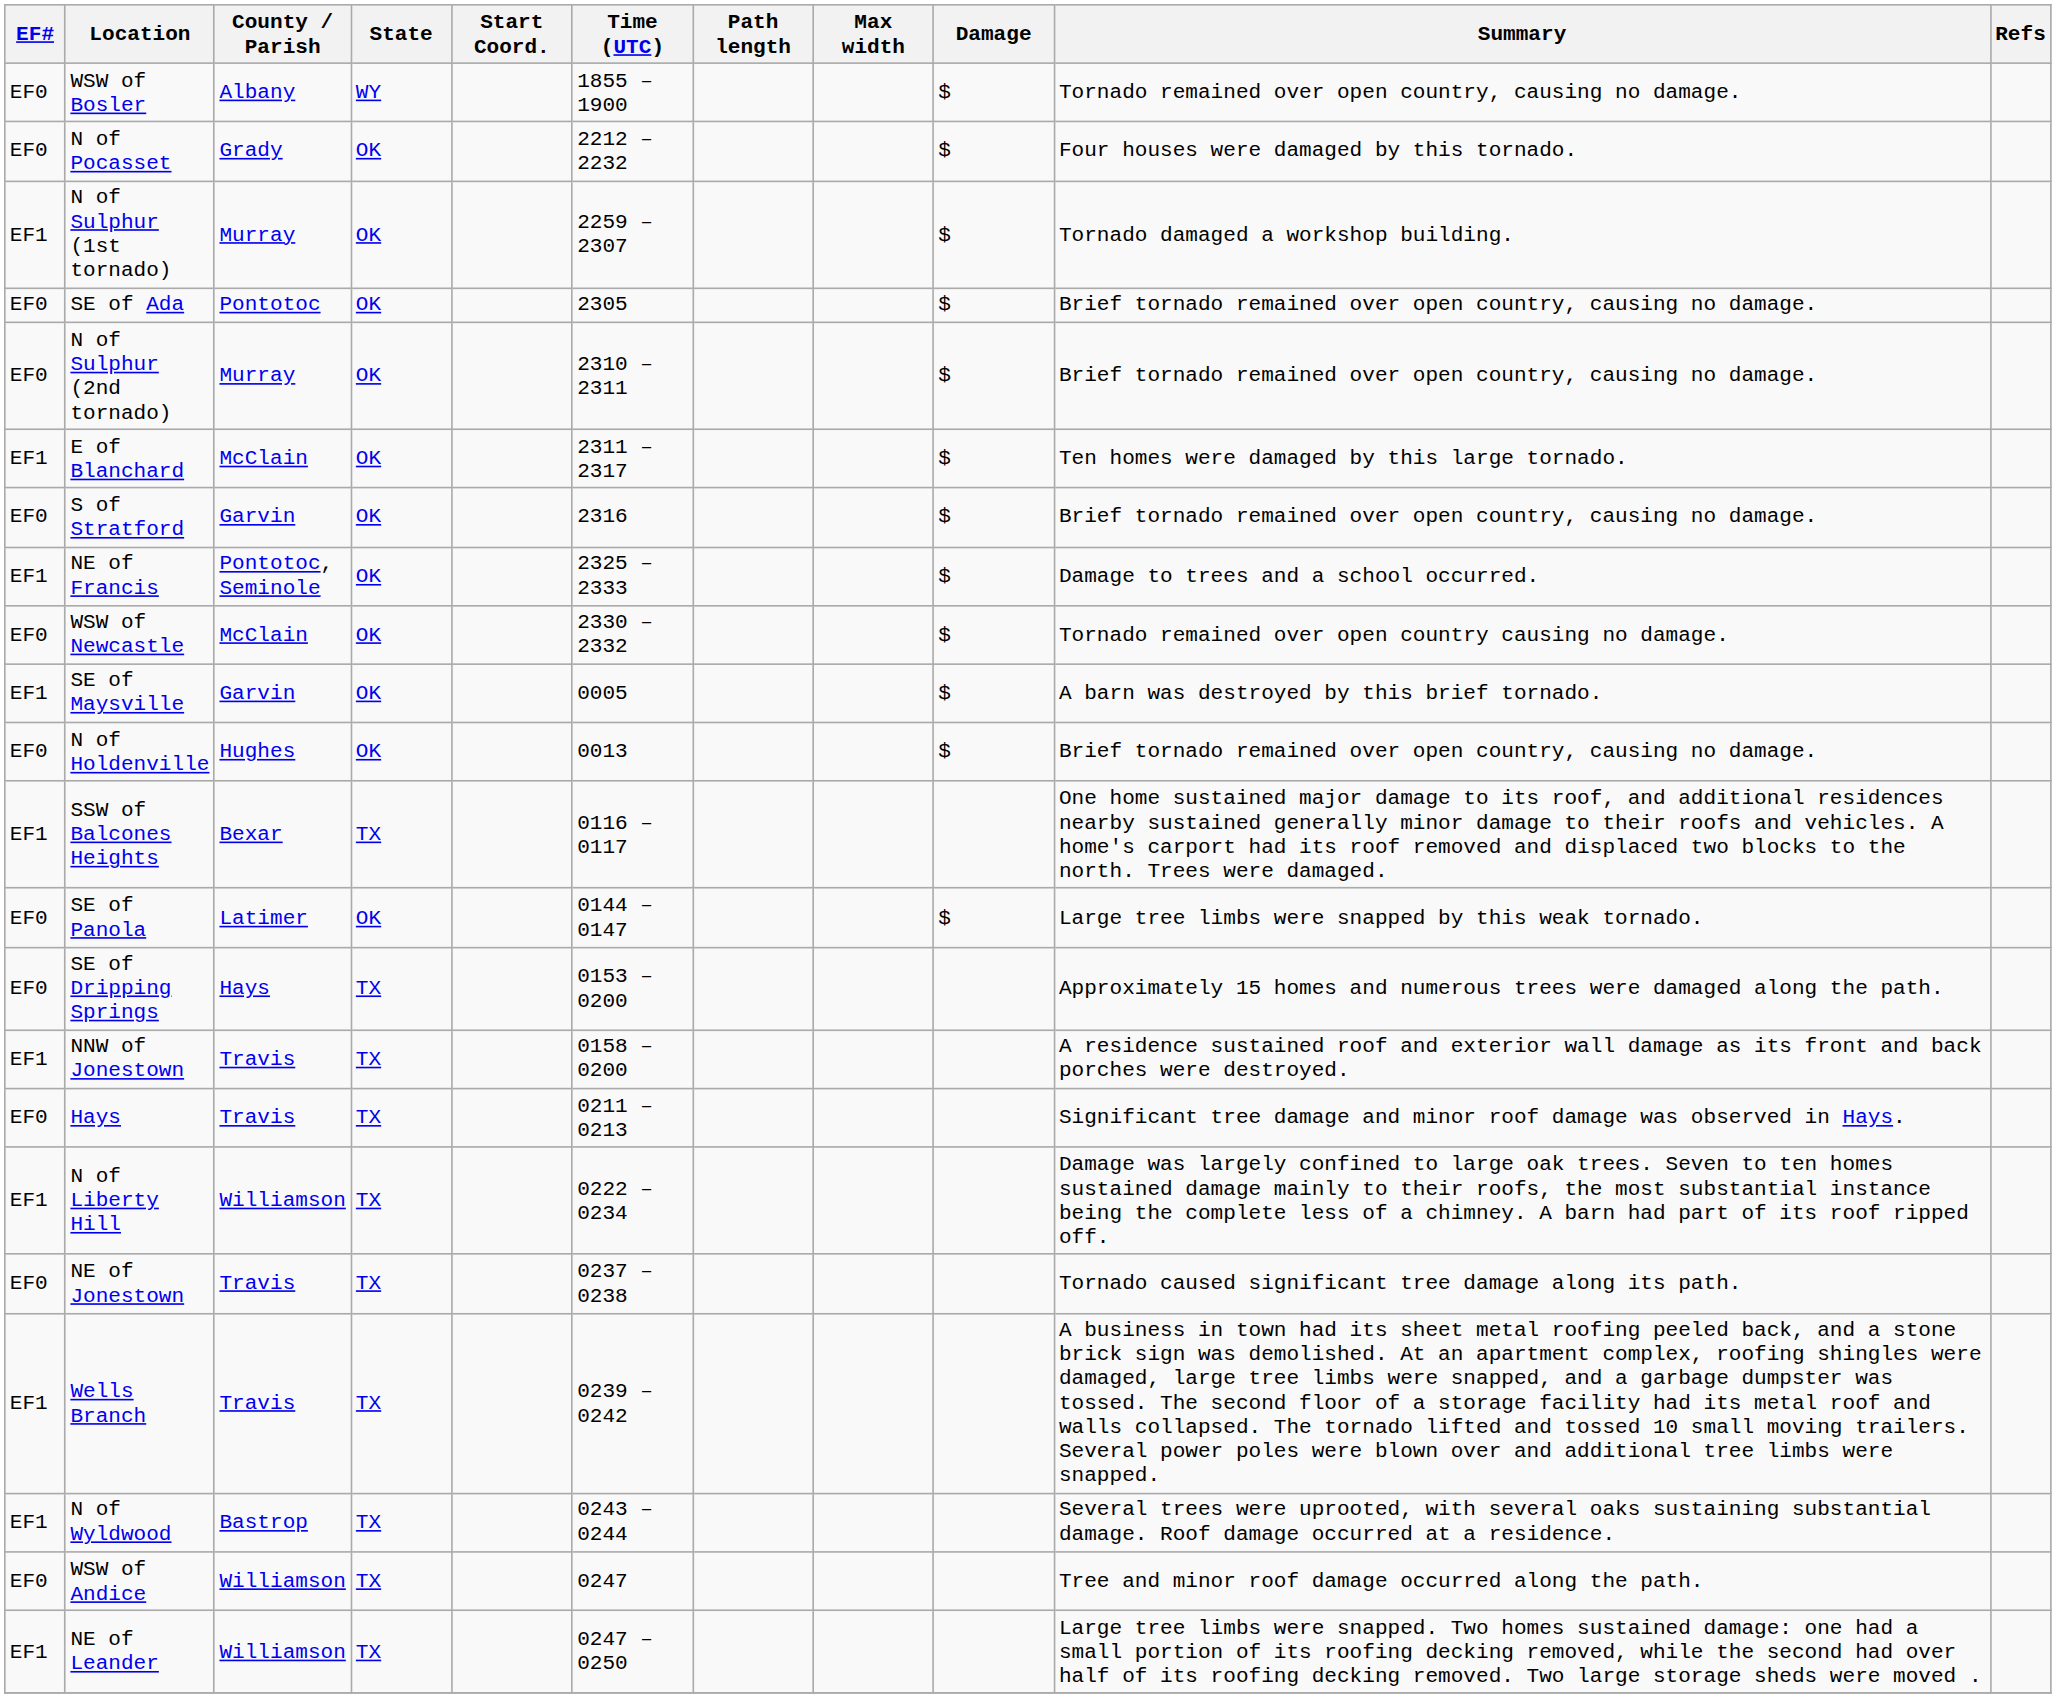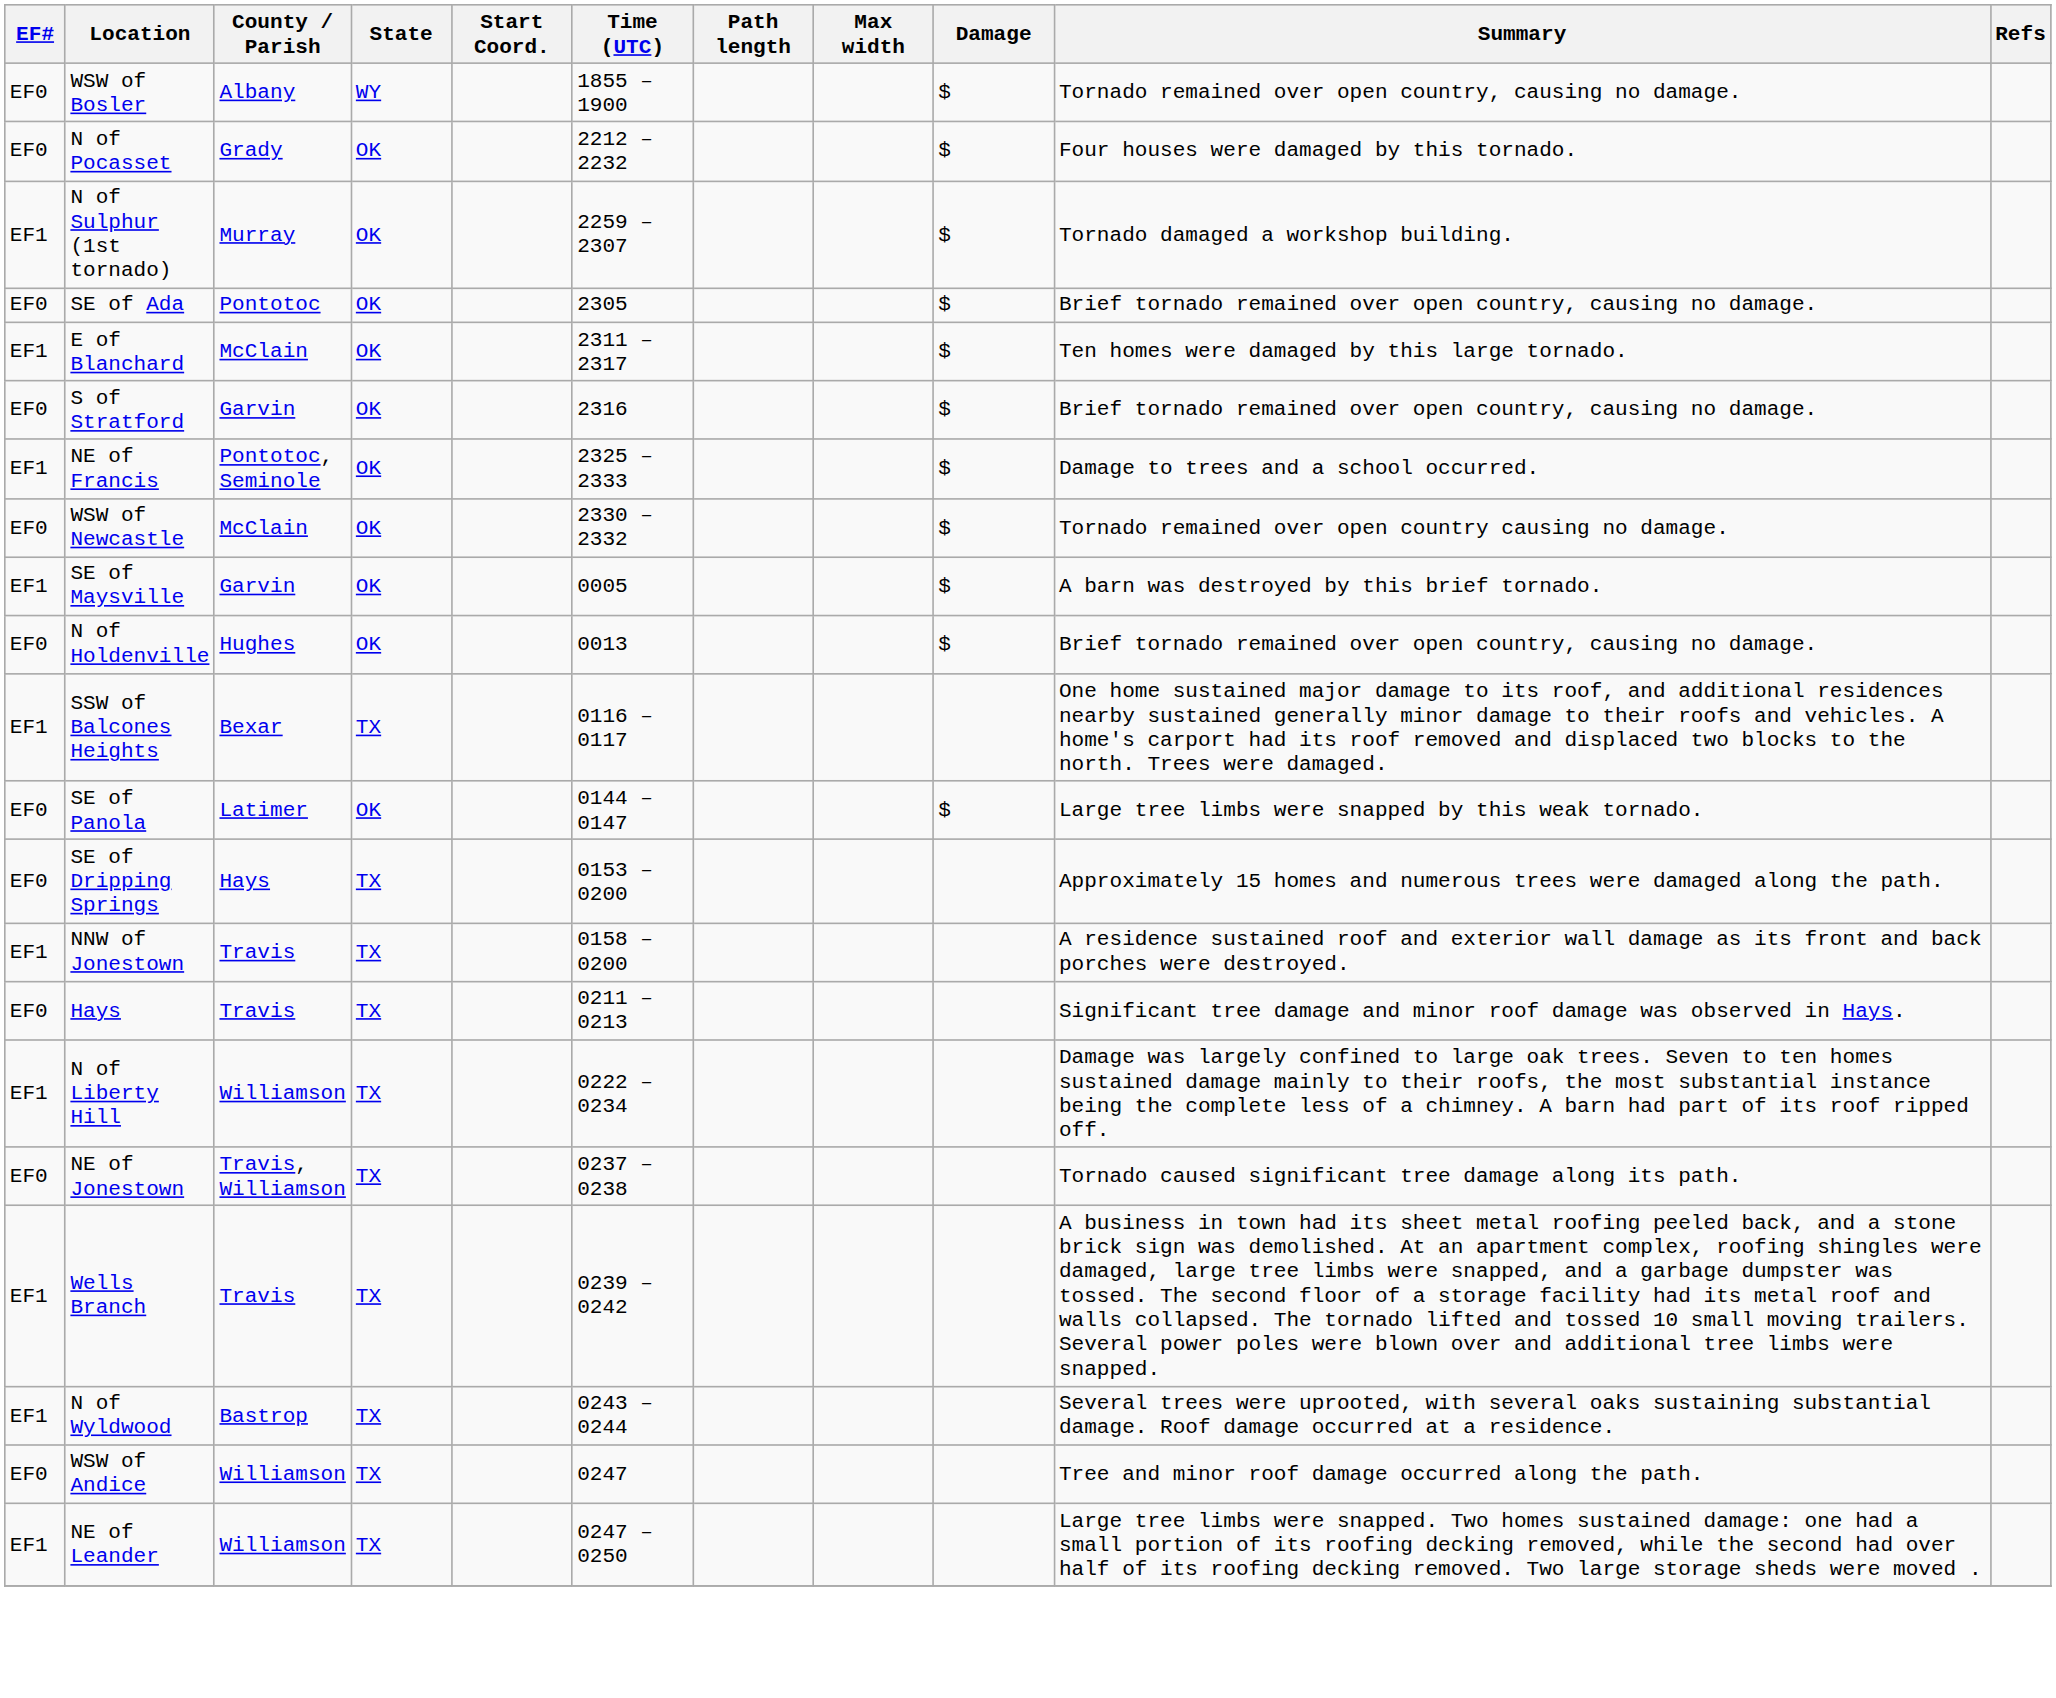 <table class="wikitable sortable" style="width:100%;">
 <tr>
 <th scope="col" width="3%" align="center"><a href='#'>EF#</a></th>
 <th scope="col" width="7%" align="center" class="unsortable">Location</th>
 <th scope="col" width="6%" align="center" class="unsortable">County / Parish</th>
 <th scope="col" width="5%" align="center">State</th>
 <th scope="col" width="6%" align="center">Start Coord.</th>
 <th scope="col" width="6%" align="center">Time (<a href='#'>UTC</a>)</th>
 <th scope="col" width="6%" align="center">Path length</th>
 <th scope="col" width="6%" align="center">Max width</th>
 <th scope="col" width="6%" align="center">Damage</th>
 <th scope="col" width="48%" class="unsortable" align="center">Summary</th>
 <th scope="col" width="48%" class="unsortable" align="center">Refs</th>
 </tr>
 <tr>
 <td>EF0</td>
 <td>WSW of <a href='#'>Bosler</a></td>
 <td><a href='#'>Albany</a></td>
 <td><a href='#'>WY</a></td>
 <td></td>
 <td>1855 – 1900</td>
 <td></td>
 <td></td>
 <td>$</td>
 <td>Tornado remained over open country, causing no damage.</td>
 <td></td>
 </tr>
 <tr>
 <td>EF0</td>
 <td>N of <a href='#'>Pocasset</a></td>
 <td><a href='#'>Grady</a></td>
 <td><a href='#'>OK</a></td>
 <td></td>
 <td>2212 – 2232</td>
 <td></td>
 <td></td>
 <td>$</td>
 <td>Four houses were damaged by this tornado.</td>
 <td></td>
 </tr>
 <tr>
 <td>EF1</td>
 <td>N of <a href='#'>Sulphur</a> (1st tornado)</td>
 <td><a href='#'>Murray</a></td>
 <td><a href='#'>OK</a></td>
 <td></td>
 <td>2259 – 2307</td>
 <td></td>
 <td></td>
 <td>$</td>
 <td>Tornado damaged a workshop building.</td>
 <td></td>
 </tr>
 <tr>
 <td>EF0</td>
 <td>SE of <a href='#'>Ada</a></td>
 <td><a href='#'>Pontotoc</a></td>
 <td><a href='#'>OK</a></td>
 <td></td>
 <td>2305</td>
-<td></td>
-<td></td>
-<td>$</td>
-<td>Brief tornado remained over open country, causing no damage.</td>
-<td></td>
-</tr>
-<tr>
-<td>EF0</td>
-<td>N of <a href='#'>Sulphur</a> (2nd tornado)</td>
-<td><a href='#'>Murray</a></td>
-<td><a href='#'>OK</a></td>
-<td></td>
-<td>2310 – 2311</td>
 <td></td>
 <td></td>
 <td>$</td>
 <td>Brief tornado remained over open country, causing no damage.</td>
 <td></td>
 </tr>
 <tr>
 <td>EF1</td>
 <td>E of <a href='#'>Blanchard</a></td>
 <td><a href='#'>McClain</a></td>
 <td><a href='#'>OK</a></td>
 <td></td>
 <td>2311 – 2317</td>
 <td></td>
 <td></td>
 <td>$</td>
 <td>Ten homes were damaged by this large tornado.</td>
 <td></td>
 </tr>
 <tr>
 <td>EF0</td>
 <td>S of <a href='#'>Stratford</a></td>
 <td><a href='#'>Garvin</a></td>
 <td><a href='#'>OK</a></td>
 <td></td>
 <td>2316</td>
 <td></td>
 <td></td>
 <td>$</td>
 <td>Brief tornado remained over open country, causing no damage.</td>
 <td></td>
 </tr>
 <tr>
 <td>EF1</td>
 <td>NE of <a href='#'>Francis</a></td>
 <td><a href='#'>Pontotoc</a>, <a href='#'>Seminole</a></td>
 <td><a href='#'>OK</a></td>
 <td></td>
 <td>2325 – 2333</td>
 <td></td>
 <td></td>
 <td>$</td>
 <td>Damage to trees and a school occurred.</td>
 <td></td>
 </tr>
 <tr>
 <td>EF0</td>
 <td>WSW of <a href='#'>Newcastle</a></td>
 <td><a href='#'>McClain</a></td>
 <td><a href='#'>OK</a></td>
 <td></td>
 <td>2330 – 2332</td>
 <td></td>
 <td></td>
 <td>$</td>
 <td>Tornado remained over open country causing no damage.</td>
 <td></td>
 </tr>
 <tr>
 <td>EF1</td>
 <td>SE of <a href='#'>Maysville</a></td>
 <td><a href='#'>Garvin</a></td>
 <td><a href='#'>OK</a></td>
 <td></td>
 <td>0005</td>
 <td></td>
 <td></td>
 <td>$</td>
 <td>A barn was destroyed by this brief tornado.</td>
 <td></td>
 </tr>
 <tr>
 <td>EF0</td>
 <td>N of <a href='#'>Holdenville</a></td>
 <td><a href='#'>Hughes</a></td>
 <td><a href='#'>OK</a></td>
 <td></td>
 <td>0013</td>
 <td></td>
 <td></td>
 <td>$</td>
 <td>Brief tornado remained over open country, causing no damage.</td>
 <td></td>
 </tr>
 <tr>
 <td>EF1</td>
 <td>SSW of <a href='#'>Balcones Heights</a></td>
 <td><a href='#'>Bexar</a></td>
 <td><a href='#'>TX</a></td>
 <td></td>
 <td>0116 – 0117</td>
 <td></td>
 <td></td>
 <td></td>
 <td>One home sustained major damage to its roof, and additional residences nearby sustained generally minor damage to their roofs and vehicles. A home's carport had its roof removed and displaced two blocks to the north. Trees were damaged.</td>
 <td></td>
 </tr>
 <tr>
 <td>EF0</td>
 <td>SE of <a href='#'>Panola</a></td>
 <td><a href='#'>Latimer</a></td>
 <td><a href='#'>OK</a></td>
 <td></td>
 <td>0144 – 0147</td>
 <td></td>
 <td></td>
 <td>$</td>
 <td>Large tree limbs were snapped by this weak tornado.</td>
 <td></td>
 </tr>
 <tr>
 <td>EF0</td>
 <td>SE of <a href='#'>Dripping Springs</a></td>
 <td><a href='#'>Hays</a></td>
 <td><a href='#'>TX</a></td>
 <td></td>
 <td>0153 – 0200</td>
 <td></td>
 <td></td>
 <td></td>
 <td>Approximately 15 homes and numerous trees were damaged along the path.</td>
 <td></td>
 </tr>
 <tr>
 <td>EF1</td>
 <td>NNW of <a href='#'>Jonestown</a></td>
 <td><a href='#'>Travis</a></td>
 <td><a href='#'>TX</a></td>
 <td></td>
 <td>0158 – 0200</td>
 <td></td>
 <td></td>
 <td></td>
 <td>A residence sustained roof and exterior wall damage as its front and back porches were destroyed.</td>
 <td></td>
 </tr>
 <tr>
 <td>EF0</td>
 <td><a href='#'>Hays</a></td>
 <td><a href='#'>Travis</a></td>
 <td><a href='#'>TX</a></td>
 <td></td>
 <td>0211 – 0213</td>
 <td></td>
 <td></td>
 <td></td>
 <td>Significant tree damage and minor roof damage was observed in <a href='#'>Hays</a>.</td>
 <td></td>
 </tr>
 <tr>
 <td>EF1</td>
 <td>N of <a href='#'>Liberty Hill</a></td>
 <td><a href='#'>Williamson</a></td>
 <td><a href='#'>TX</a></td>
 <td></td>
 <td>0222 – 0234</td>
 <td></td>
 <td></td>
 <td></td>
 <td>Damage was largely confined to large oak trees. Seven to ten homes sustained damage mainly to their roofs, the most substantial instance being the complete less of a chimney. A barn had part of its roof ripped off.</td>
 <td></td>
 </tr>
 <tr>
 <td>EF0</td>
 <td>NE of <a href='#'>Jonestown</a></td>
-<td><a href='#'>Travis</a></td>
+<td><a href='#'>Travis</a>, <a href='#'>Williamson</a></td>
 <td><a href='#'>TX</a></td>
 <td></td>
 <td>0237 – 0238</td>
 <td></td>
 <td></td>
 <td></td>
 <td>Tornado caused significant tree damage along its path.</td>
 <td></td>
 </tr>
 <tr>
 <td>EF1</td>
 <td><a href='#'>Wells Branch</a></td>
 <td><a href='#'>Travis</a></td>
 <td><a href='#'>TX</a></td>
 <td></td>
 <td>0239 – 0242</td>
 <td></td>
 <td></td>
 <td></td>
 <td>A business in town had its sheet metal roofing peeled back, and a stone brick sign was demolished. At an apartment complex, roofing shingles were damaged, large tree limbs were snapped, and a garbage dumpster was tossed. The second floor of a storage facility had its metal roof and walls collapsed. The tornado lifted and tossed 10 small moving trailers. Several power poles were blown over and additional tree limbs were snapped.</td>
 <td></td>
 </tr>
 <tr>
 <td>EF1</td>
 <td>N of <a href='#'>Wyldwood</a></td>
 <td><a href='#'>Bastrop</a></td>
 <td><a href='#'>TX</a></td>
 <td></td>
 <td>0243 – 0244</td>
 <td></td>
 <td></td>
 <td></td>
 <td>Several trees were uprooted, with several oaks sustaining substantial damage. Roof damage occurred at a residence.</td>
 <td></td>
 </tr>
 <tr>
 <td>EF0</td>
 <td>WSW of <a href='#'>Andice</a></td>
 <td><a href='#'>Williamson</a></td>
 <td><a href='#'>TX</a></td>
 <td></td>
 <td>0247</td>
 <td></td>
 <td></td>
 <td></td>
 <td>Tree and minor roof damage occurred along the path.</td>
 <td></td>
 </tr>
 <tr>
 <td>EF1</td>
 <td>NE of <a href='#'>Leander</a></td>
 <td><a href='#'>Williamson</a></td>
 <td><a href='#'>TX</a></td>
 <td></td>
 <td>0247 – 0250</td>
 <td></td>
 <td></td>
 <td></td>
 <td>Large tree limbs were snapped. Two homes sustained damage: one had a small portion of its roofing decking removed, while the second had over half of its roofing decking removed. Two large storage sheds were moved .</td>
 <td></td>
 </tr>
 <tr>
 </tr>
 </table>
